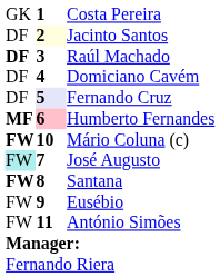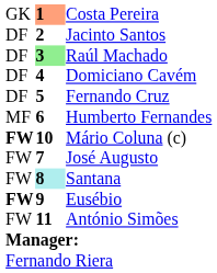 <table style="font-size:90%; margin:0.2em auto;" cellspacing="0" cellpadding="0">
 <tr>
 <th width="25"></th>
 <th width="25"></th>
 </tr>
 <tr>
 <td>GK</td>
-<td><strong>1</strong></td>
+<td style="background: lightsalmon;"><strong>1</strong></td>
 <td> <a href='#'>Costa Pereira</a></td>
 </tr>
 <tr>
 <td>DF</td>
-<td style="background: lightyellow;"><strong>2</strong></td>
+<td><strong>2</strong></td>
 <td> <a href='#'>Jacinto Santos</a></td>
 </tr>
 <tr>
-<td><strong>DF</strong></td>
-<td><strong>3</strong></td>
+<td>DF</td>
+<td style="background: lightgreen;"><strong>3</strong></td>
 <td> <a href='#'>Raúl Machado</a></td>
 </tr>
 <tr>
 <td>DF</td>
 <td><strong>4</strong></td>
 <td> <a href='#'>Domiciano Cavém</a></td>
 </tr>
 <tr>
 <td>DF</td>
-<td style="background: lavender;"><strong>5</strong></td>
+<td><strong>5</strong></td>
 <td> <a href='#'>Fernando Cruz</a></td>
 </tr>
 <tr>
-<td><strong>MF</strong></td>
-<td style="background: pink;"><strong>6</strong></td>
+<td>MF</td>
+<td><strong>6</strong></td>
 <td> <a href='#'>Humberto Fernandes</a></td>
 </tr>
 <tr>
 <td><strong>FW</strong></td>
 <td><strong>10</strong></td>
 <td> <a href='#'>Mário Coluna</a> (c)</td>
 </tr>
 <tr>
-<td style="background: paleturquoise;">FW</td>
+<td>FW</td>
 <td><strong>7</strong></td>
 <td> <a href='#'>José Augusto</a></td>
 </tr>
 <tr>
-<td><strong>FW</strong></td>
-<td><strong>8</strong></td>
+<td>FW</td>
+<td style="background: paleturquoise;"><strong>8</strong></td>
 <td> <a href='#'>Santana</a></td>
 </tr>
 <tr>
-<td>FW</td>
+<td><strong>FW</strong></td>
 <td><strong>9</strong></td>
 <td> <a href='#'>Eusébio</a></td>
 </tr>
 <tr>
 <td>FW</td>
 <td><strong>11</strong></td>
 <td> <a href='#'>António Simões</a></td>
 </tr>
 <tr>
 <td colspan=3><strong>Manager:</strong></td>
 </tr>
 <tr>
 <td colspan=4> <a href='#'>Fernando Riera</a></td>
 </tr>
 </table>
